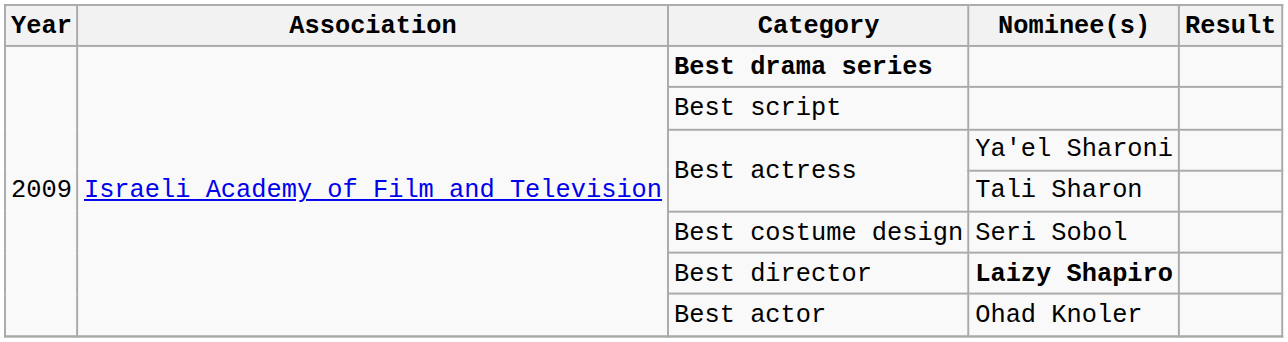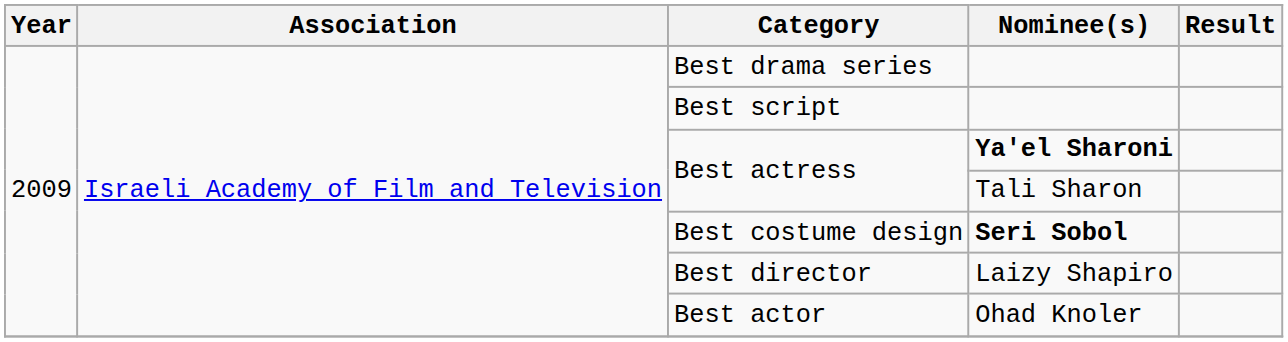 <table class="wikitable plainrowheaders">
 <tr>
 <th scope="col">Year</th>
 <th scope="col">Association</th>
 <th scope="col">Category</th>
 <th scope="col">Nominee(s)</th>
 <th scope="col">Result</th>
 </tr>
 <tr>
 <td scope="row" rowspan=7>2009</td>
 <td rowspan=7><a href='#'>Israeli Academy of Film and Television</a></td>
-<td><strong>Best drama series</strong></td>
+<td>Best drama series</td>
 <td></td>
 <td></td>
 </tr>
 <tr>
 <td>Best script</td>
 <td></td>
 <td></td>
 </tr>
 <tr>
 <td rowspan=2>Best actress</td>
-<td>Ya'el Sharoni</td>
+<td><strong>Ya'el Sharoni</strong></td>
 <td></td>
 </tr>
 <tr>
 <td>Tali Sharon</td>
 <td></td>
 </tr>
 <tr>
 <td>Best costume design</td>
-<td>Seri Sobol</td>
+<td><strong>Seri Sobol</strong></td>
 <td></td>
 </tr>
 <tr>
 <td>Best director</td>
-<td><strong>Laizy Shapiro</strong></td>
+<td>Laizy Shapiro</td>
 <td></td>
 </tr>
 <tr>
 <td>Best actor</td>
 <td>Ohad Knoler</td>
 <td></td>
 </tr>
 <tr>
 </tr>
 </table>
